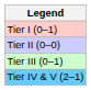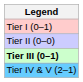 <table class=wikitable style=font-size:92%>
 <tr>
 <th>Legend</th>
 </tr>
 <tr>
 <td bgcolor=#ffcccc>Tier I (0–1)</td>
 </tr>
 <tr>
 <td bgcolor=#ccccff>Tier II (0–0)</td>
 </tr>
 <tr>
-<td bgcolor=#CCFFCC>Tier III (0–1)</td>
+<td bgcolor=#CCFFCC><strong>Tier III (0–1)</strong></td>
 </tr>
 <tr>
 <td bgcolor=#66CCFF>Tier IV & V (2–1)</td>
 </tr>
 </table>
